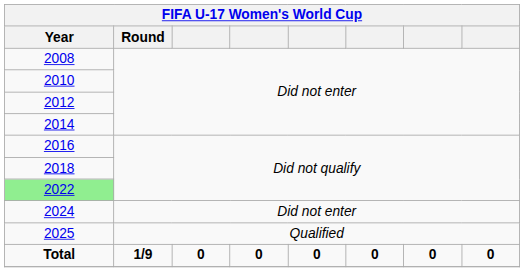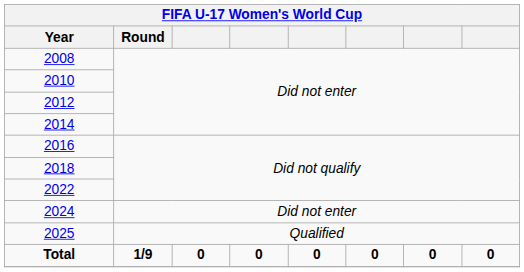 <table class="wikitable" style="text-align: center;">
 <tr>
 <th colspan=10><a href='#'>FIFA U-17 Women's World Cup</a></th>
 </tr>
 <tr>
 <th width=120>Year</th>
 <th width=60>Round</th>
 <th width=60></th>
 <th width=60></th>
 <th width=60></th>
 <th width=60></th>
 <th width=60></th>
 <th width=60></th>
 </tr>
 <tr>
 <td> <a href='#'>2008</a></td>
 <td rowspan=4 colspan=8><em>Did not enter</em></td>
 </tr>
 <tr>
 <td> <a href='#'>2010</a></td>
 </tr>
 <tr>
 <td> <a href='#'>2012</a></td>
 </tr>
 <tr>
 <td> <a href='#'>2014</a></td>
 </tr>
 <tr>
 <td> <a href='#'>2016</a></td>
 <td rowspan=3 colspan=8><em>Did not qualify</em></td>
 </tr>
 <tr>
 <td> <a href='#'>2018</a></td>
 </tr>
 <tr>
-<td style="background: lightgreen;"> <a href='#'>2022</a></td>
+<td> <a href='#'>2022</a></td>
 </tr>
 <tr>
 <td> <a href='#'>2024</a></td>
 <td colspan=8><em>Did not enter</em></td>
 </tr>
 <tr>
 <td> <a href='#'>2025</a></td>
 <td colspan=8><em>Qualified</em></td>
 </tr>
 <tr>
 <td><strong>Total</strong></td>
 <td><strong>1/9</strong></td>
 <td><strong>0</strong></td>
 <td><strong>0</strong></td>
 <td><strong>0</strong></td>
 <td><strong>0</strong></td>
 <td><strong>0</strong></td>
 <td><strong>0</strong></td>
 </tr>
 <tr>
 </tr>
 </table>
